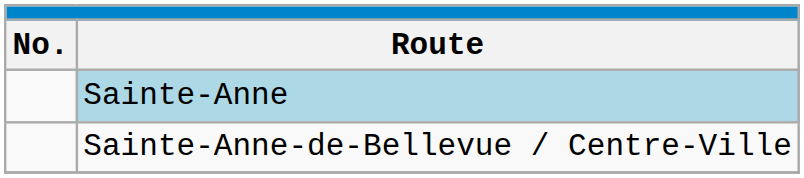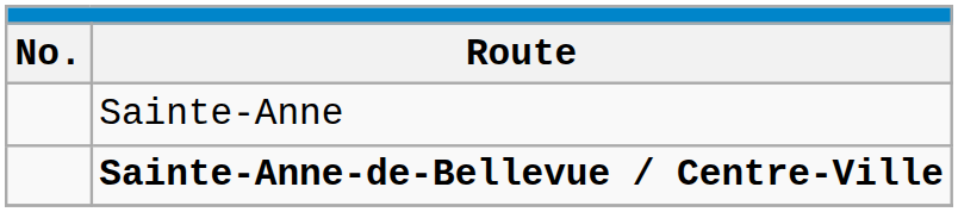 <table align=center class="wikitable">
 <tr>
 <th style="background: #0085CA; font-size:100%; color:#FFFFFF;"colspan="4"><a href='#'></a></th>
 </tr>
 <tr>
 <th>No.</th>
 <th>Route</th>
 </tr>
 <tr>
 <td></td>
-<td style="background: lightblue;">Sainte-Anne</td>
+<td>Sainte-Anne</td>
 </tr>
 <tr>
 <td {{Avoid wrap> </td>
-<td>Sainte-Anne-de-Bellevue / Centre-Ville</td>
+<td><strong>Sainte-Anne-de-Bellevue / Centre-Ville</strong></td>
 </tr>
 <tr>
 </tr>
 </table>
